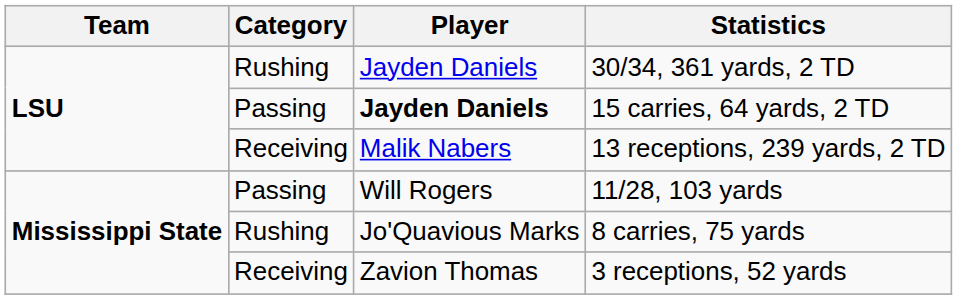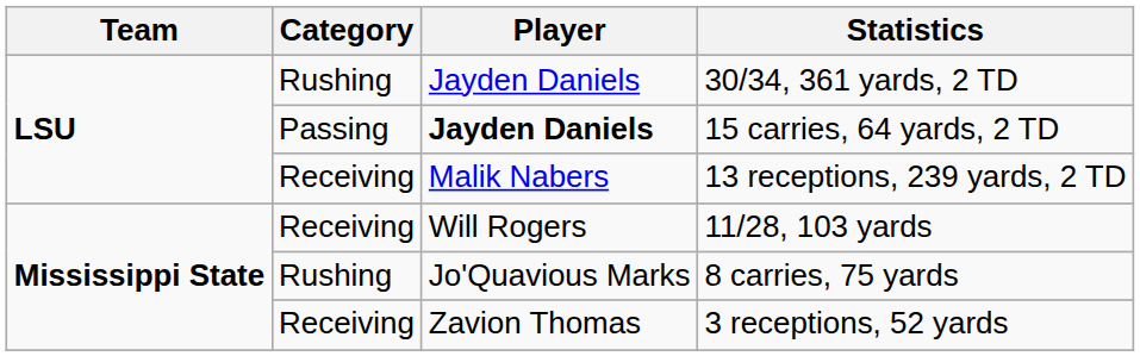 <table class="wikitable" style="float: right;">
 <tr>
 <th>Team</th>
 <th>Category</th>
 <th>Player</th>
 <th>Statistics</th>
 </tr>
 <tr>
 <td rowspan=3><strong>LSU</strong></td>
 <td>Rushing</td>
 <td><a href='#'>Jayden Daniels</a></td>
 <td>30/34, 361 yards, 2 TD</td>
 </tr>
 <tr>
 <td>Passing</td>
 <td><strong>Jayden Daniels</strong></td>
 <td>15 carries, 64 yards, 2 TD</td>
 </tr>
 <tr>
 <td>Receiving</td>
 <td><a href='#'>Malik Nabers</a></td>
 <td>13 receptions, 239 yards, 2 TD</td>
 </tr>
 <tr>
 <td rowspan=3><strong>Mississippi State</strong></td>
-<td>Passing</td>
+<td>Receiving</td>
 <td>Will Rogers</td>
 <td>11/28, 103 yards</td>
 </tr>
 <tr>
 <td>Rushing</td>
 <td>Jo'Quavious Marks</td>
 <td>8 carries, 75 yards</td>
 </tr>
 <tr>
 <td>Receiving</td>
 <td>Zavion Thomas</td>
 <td>3 receptions, 52 yards</td>
 </tr>
 </table>
